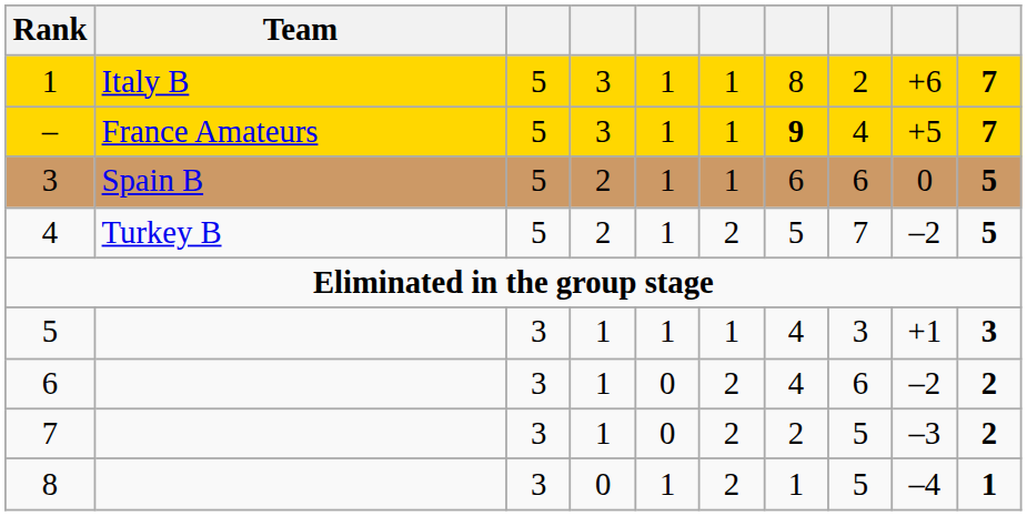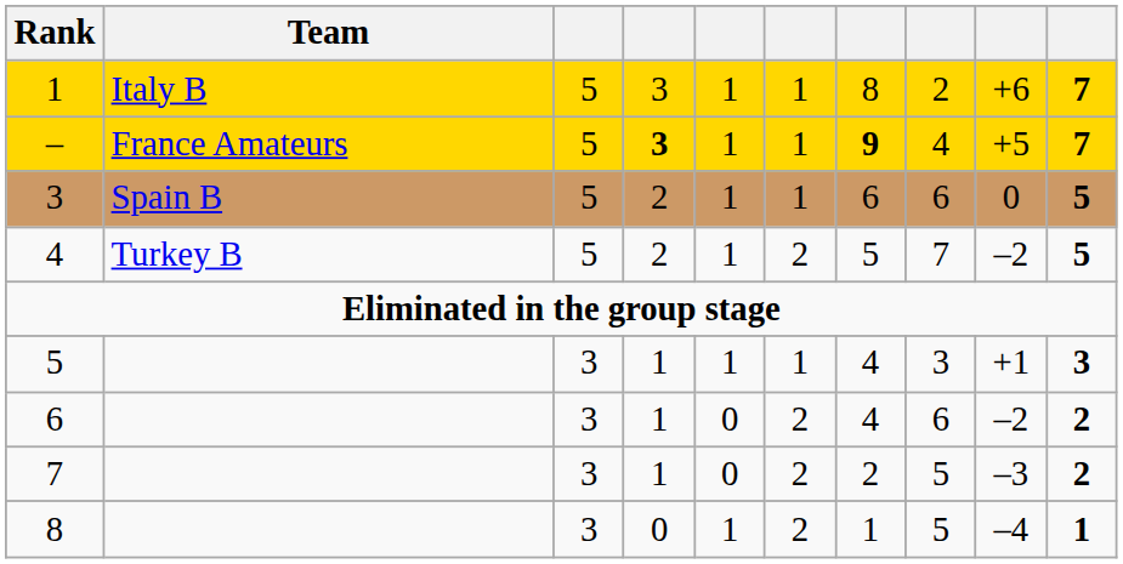 <table class="wikitable" style="text-align:center">
 <tr>
 <th width=20>Rank</th>
 <th width=200>Team</th>
 <th width="25"></th>
 <th width="25"></th>
 <th width="25"></th>
 <th width="25"></th>
 <th width="25"></th>
 <th width="25"></th>
 <th width="25"></th>
 <th width="25"></th>
 </tr>
 <tr style="background:gold;">
 <td>1</td>
 <td style="text-align:left;"> <a href='#'>Italy B</a></td>
 <td>5</td>
 <td>3</td>
 <td>1</td>
 <td>1</td>
 <td>8</td>
 <td>2</td>
 <td>+6</td>
 <td><strong>7</strong></td>
 </tr>
 <tr style="background:gold;">
 <td>–</td>
 <td style="text-align:left;"> <a href='#'>France Amateurs</a></td>
 <td>5</td>
-<td>3</td>
+<td><strong>3</strong></td>
 <td>1</td>
 <td>1</td>
 <td><strong>9</strong></td>
 <td>4</td>
 <td>+5</td>
 <td><strong>7</strong></td>
 </tr>
 <tr style="background:#cc9966;">
 <td>3</td>
 <td style="text-align:left;"> <a href='#'>Spain B</a></td>
 <td>5</td>
 <td>2</td>
 <td>1</td>
 <td>1</td>
 <td>6</td>
 <td>6</td>
 <td>0</td>
 <td><strong>5</strong></td>
 </tr>
 <tr>
 <td>4</td>
 <td style="text-align:left;"> <a href='#'>Turkey B</a></td>
 <td>5</td>
 <td>2</td>
 <td>1</td>
 <td>2</td>
 <td>5</td>
 <td>7</td>
 <td>–2</td>
 <td><strong>5</strong></td>
 </tr>
 <tr>
 <td colspan=14><strong>Eliminated in the group stage</strong></td>
 </tr>
 <tr>
 <td>5</td>
 <td style="text-align:left;"></td>
 <td>3</td>
 <td>1</td>
 <td>1</td>
 <td>1</td>
 <td>4</td>
 <td>3</td>
 <td>+1</td>
 <td><strong>3</strong></td>
 </tr>
 <tr>
 <td>6</td>
 <td style="text-align:left;"></td>
 <td>3</td>
 <td>1</td>
 <td>0</td>
 <td>2</td>
 <td>4</td>
 <td>6</td>
 <td>–2</td>
 <td><strong>2</strong></td>
 </tr>
 <tr>
 <td>7</td>
 <td style="text-align:left;"></td>
 <td>3</td>
 <td>1</td>
 <td>0</td>
 <td>2</td>
 <td>2</td>
 <td>5</td>
 <td>–3</td>
 <td><strong>2</strong></td>
 </tr>
 <tr>
 <td>8</td>
 <td style="text-align:left;"></td>
 <td>3</td>
 <td>0</td>
 <td>1</td>
 <td>2</td>
 <td>1</td>
 <td>5</td>
 <td>–4</td>
 <td><strong>1</strong></td>
 </tr>
 </table>
